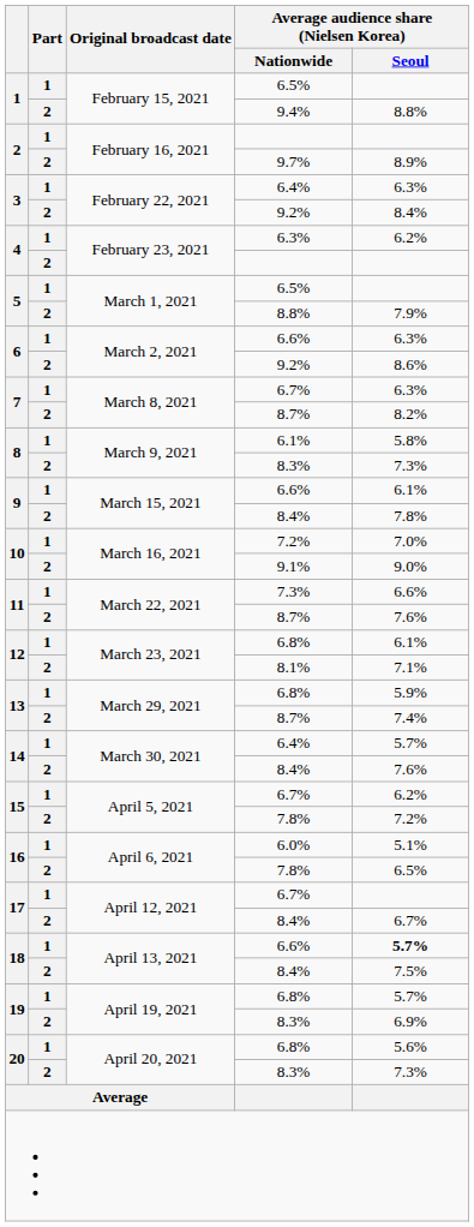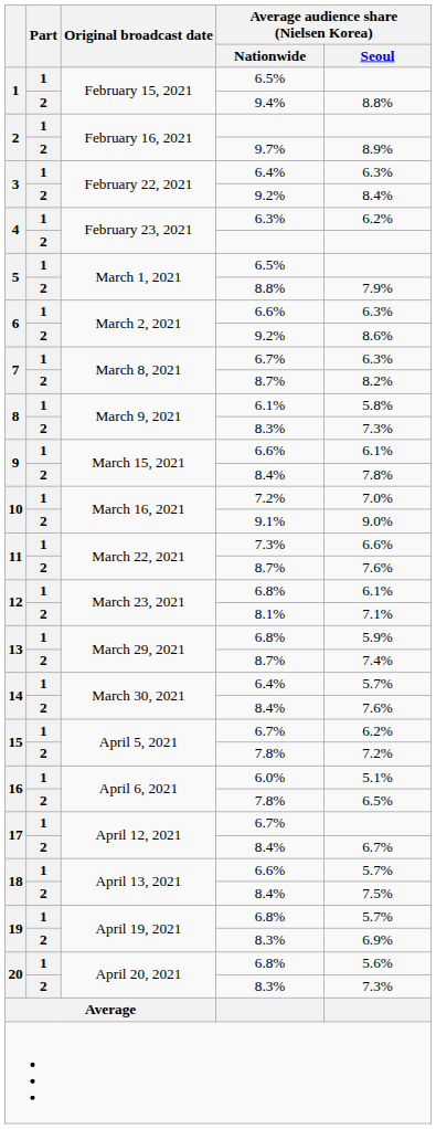 <table class="wikitable" style="text-align:center;max-width:550px; margin-left: auto; margin-right: auto; border: none;">
 <tr>
 </tr>
 <tr>
 <th rowspan="2"></th>
 <th rowspan="2">Part</th>
 <th rowspan="2">Original broadcast date</th>
 <th colspan="2">Average audience share<br>(Nielsen Korea)</th>
 </tr>
 <tr>
 <th width="110">Nationwide</th>
 <th width="110"><a href='#'>Seoul</a></th>
 </tr>
 <tr>
 <th rowspan="2">1</th>
 <th>1</th>
 <td rowspan="2">February 15, 2021</td>
 <td>6.5% </td>
 <td></td>
 </tr>
 <tr>
 <th>2</th>
 <td>9.4% </td>
 <td>8.8% </td>
 </tr>
 <tr>
 <th rowspan="2">2</th>
 <th>1</th>
 <td rowspan="2">February 16, 2021</td>
 <td> </td>
 <td></td>
 </tr>
 <tr>
 <th>2</th>
 <td>9.7% </td>
 <td>8.9% </td>
 </tr>
 <tr>
 <th rowspan="2">3</th>
 <th>1</th>
 <td rowspan="2">February 22, 2021</td>
 <td>6.4% </td>
 <td>6.3% </td>
 </tr>
 <tr>
 <th>2</th>
 <td>9.2% </td>
 <td>8.4% </td>
 </tr>
 <tr>
 <th rowspan="2">4</th>
 <th>1</th>
 <td rowspan="2">February 23, 2021</td>
 <td>6.3% </td>
 <td>6.2% </td>
 </tr>
 <tr>
 <th>2</th>
 <td> </td>
 <td> </td>
 </tr>
 <tr>
 <th rowspan="2">5</th>
 <th>1</th>
 <td rowspan="2">March 1, 2021</td>
 <td>6.5% </td>
 <td></td>
 </tr>
 <tr>
 <th>2</th>
 <td>8.8% </td>
 <td>7.9% </td>
 </tr>
 <tr>
 <th rowspan="2">6</th>
 <th>1</th>
 <td rowspan="2">March 2, 2021</td>
 <td>6.6% </td>
 <td>6.3% </td>
 </tr>
 <tr>
 <th>2</th>
 <td>9.2% </td>
 <td>8.6% </td>
 </tr>
 <tr>
 <th rowspan="2">7</th>
 <th>1</th>
 <td rowspan="2">March 8, 2021</td>
 <td>6.7% </td>
 <td>6.3% </td>
 </tr>
 <tr>
 <th>2</th>
 <td>8.7% </td>
 <td>8.2% </td>
 </tr>
 <tr>
 <th rowspan="2">8</th>
 <th>1</th>
 <td rowspan="2">March 9, 2021</td>
 <td>6.1% </td>
 <td>5.8% </td>
 </tr>
 <tr>
 <th>2</th>
 <td>8.3% </td>
 <td>7.3% </td>
 </tr>
 <tr>
 <th rowspan="2">9</th>
 <th>1</th>
 <td rowspan="2">March 15, 2021</td>
 <td>6.6% </td>
 <td>6.1% </td>
 </tr>
 <tr>
 <th>2</th>
 <td>8.4% </td>
 <td>7.8% </td>
 </tr>
 <tr>
 <th rowspan="2">10</th>
 <th>1</th>
 <td rowspan="2">March 16, 2021</td>
 <td>7.2% </td>
 <td>7.0% </td>
 </tr>
 <tr>
 <th>2</th>
 <td>9.1% </td>
 <td>9.0% </td>
 </tr>
 <tr>
 <th rowspan="2">11</th>
 <th>1</th>
 <td rowspan="2">March 22, 2021</td>
 <td>7.3% </td>
 <td>6.6% </td>
 </tr>
 <tr>
 <th>2</th>
 <td>8.7% </td>
 <td>7.6% </td>
 </tr>
 <tr>
 <th rowspan="2">12</th>
 <th>1</th>
 <td rowspan="2">March 23, 2021</td>
 <td>6.8% </td>
 <td>6.1% </td>
 </tr>
 <tr>
 <th>2</th>
 <td>8.1% </td>
 <td>7.1% </td>
 </tr>
 <tr>
 <th rowspan="2">13</th>
 <th>1</th>
 <td rowspan="2">March 29, 2021</td>
 <td>6.8% </td>
 <td>5.9% </td>
 </tr>
 <tr>
 <th>2</th>
 <td>8.7% </td>
 <td>7.4% </td>
 </tr>
 <tr>
 <th rowspan="2">14</th>
 <th>1</th>
 <td rowspan="2">March 30, 2021</td>
 <td>6.4% </td>
 <td>5.7% </td>
 </tr>
 <tr>
 <th>2</th>
 <td>8.4% </td>
 <td>7.6% </td>
 </tr>
 <tr>
 <th rowspan="2">15</th>
 <th>1</th>
 <td rowspan="2">April 5, 2021</td>
 <td>6.7% </td>
 <td>6.2% </td>
 </tr>
 <tr>
 <th>2</th>
 <td>7.8% </td>
 <td>7.2% </td>
 </tr>
 <tr>
 <th rowspan="2">16</th>
 <th>1</th>
 <td rowspan="2">April 6, 2021</td>
 <td>6.0% </td>
 <td>5.1% </td>
 </tr>
 <tr>
 <th>2</th>
 <td>7.8% </td>
 <td>6.5% </td>
 </tr>
 <tr>
 <th rowspan="2">17</th>
 <th>1</th>
 <td rowspan="2">April 12, 2021</td>
 <td>6.7% </td>
 <td></td>
 </tr>
 <tr>
 <th>2</th>
 <td>8.4% </td>
 <td>6.7% </td>
 </tr>
 <tr>
 <th rowspan="2">18</th>
 <th>1</th>
 <td rowspan="2">April 13, 2021</td>
 <td>6.6% </td>
-<td><strong>5.7% </strong></td>
+<td>5.7% </td>
 </tr>
 <tr>
 <th>2</th>
 <td>8.4% </td>
 <td>7.5% </td>
 </tr>
 <tr>
 <th rowspan="2">19</th>
 <th>1</th>
 <td rowspan="2">April 19, 2021</td>
 <td>6.8% </td>
 <td>5.7% </td>
 </tr>
 <tr>
 <th>2</th>
 <td>8.3% </td>
 <td>6.9% </td>
 </tr>
 <tr>
 <th rowspan="2">20</th>
 <th>1</th>
 <td rowspan="2">April 20, 2021</td>
 <td>6.8% </td>
 <td>5.6% </td>
 </tr>
 <tr>
 <th>2</th>
 <td>8.3% </td>
 <td>7.3% </td>
 </tr>
 <tr>
 <th colspan="3">Average</th>
 <th></th>
 <th></th>
 </tr>
 <tr>
 <td colspan="6"><br><ul><li></li><li></li><li></li></ul></td>
 </tr>
 </table>
